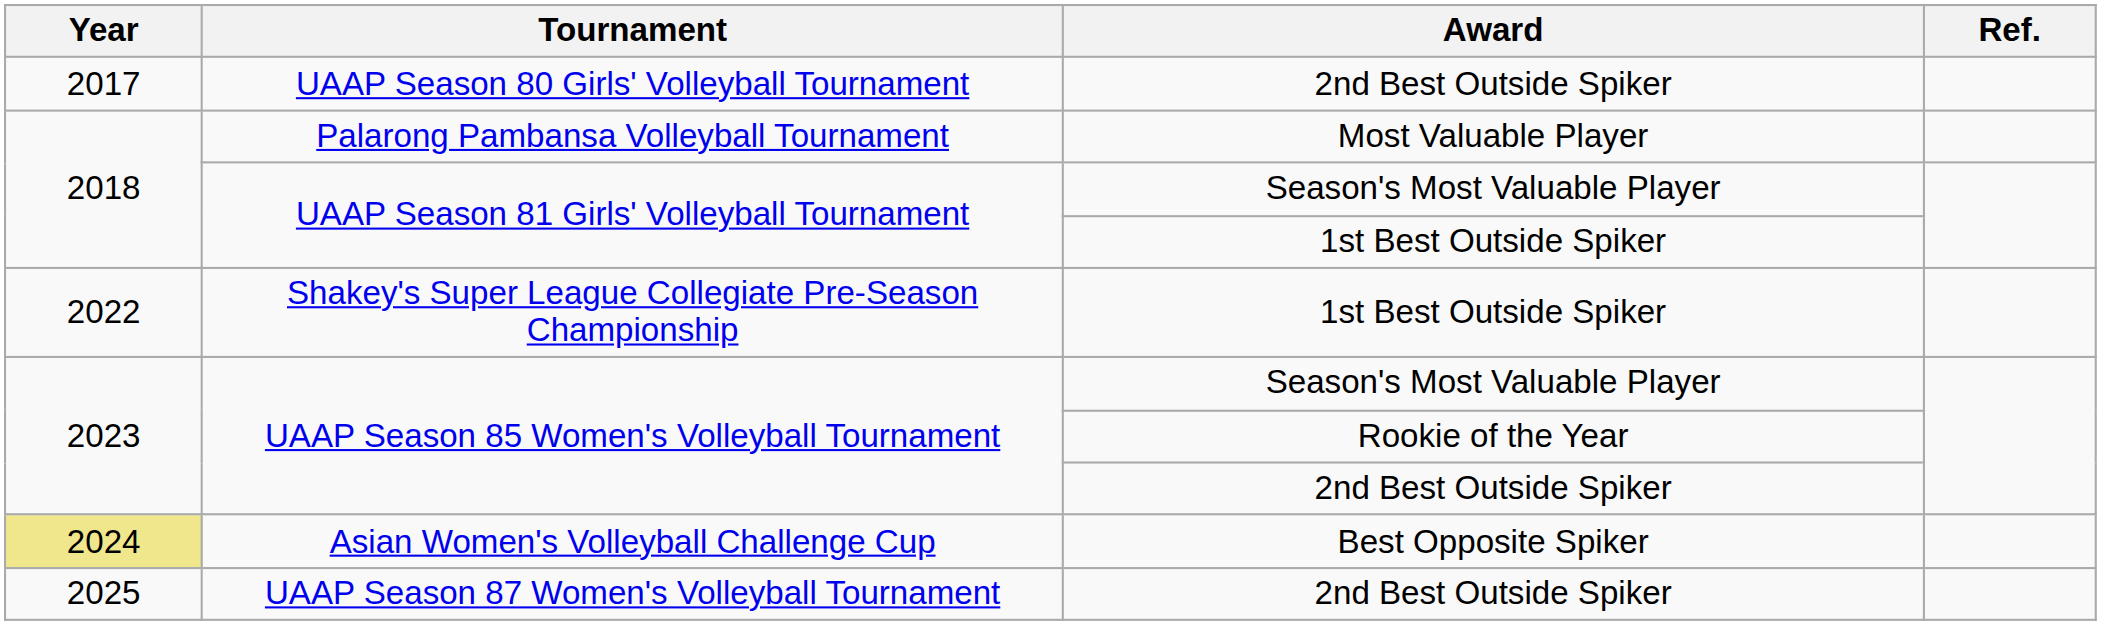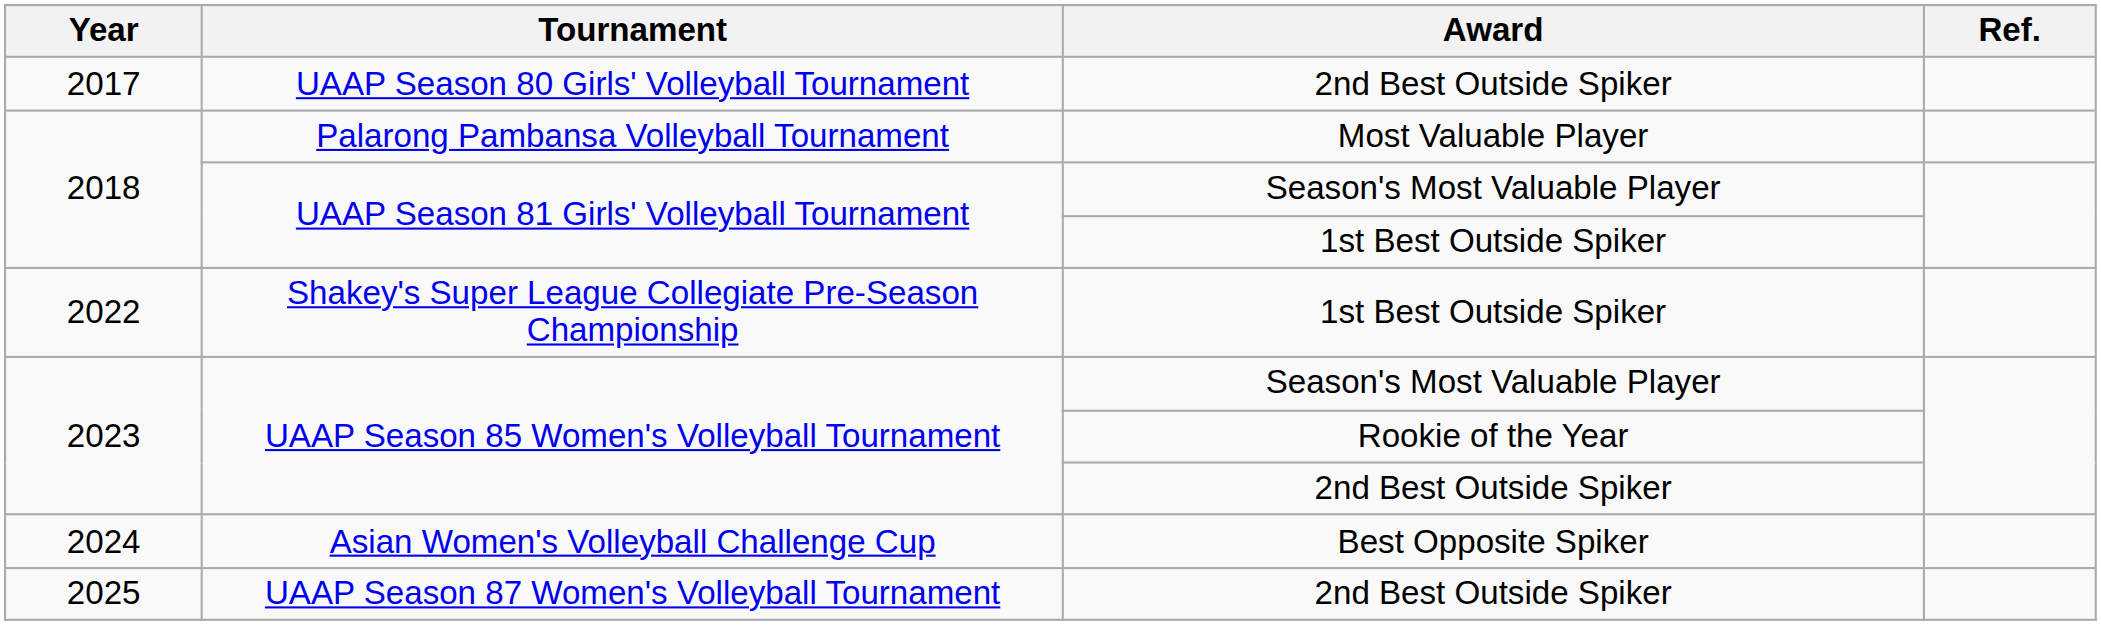 <table class="wikitable sortable" style="text-align:center" width="80%">
 <tr>
 <th style="width:25px;" rowspan="2">Year</th>
 <th style="width:180px;" rowspan="2">Tournament</th>
 <th style="width:180px;" rowspan="2">Award</th>
 <th style="width:25px;" rowspan="2">Ref.</th>
 </tr>
 <tr>
 </tr>
 <tr>
 <td>2017</td>
 <td><a href='#'>UAAP Season 80 Girls' Volleyball Tournament</a></td>
 <td>2nd Best Outside Spiker</td>
 <td></td>
 </tr>
 <tr>
 <td rowspan="3">2018</td>
 <td><a href='#'>Palarong Pambansa Volleyball Tournament</a></td>
 <td>Most Valuable Player</td>
 <td></td>
 </tr>
 <tr>
 <td rowspan="2"><a href='#'>UAAP Season 81 Girls' Volleyball Tournament</a></td>
 <td>Season's Most Valuable Player</td>
 <td rowspan="2"></td>
 </tr>
 <tr>
 <td>1st Best Outside Spiker</td>
 </tr>
 <tr>
 <td>2022</td>
 <td><a href='#'>Shakey's Super League Collegiate Pre-Season Championship</a></td>
 <td>1st Best Outside Spiker</td>
 <td></td>
 </tr>
 <tr>
 <td rowspan="3">2023</td>
 <td rowspan="3"><a href='#'>UAAP Season 85 Women's Volleyball Tournament</a></td>
 <td>Season's Most Valuable Player</td>
 <td rowspan="3"></td>
 </tr>
 <tr>
 <td>Rookie of the Year</td>
 </tr>
 <tr>
 <td>2nd Best Outside Spiker</td>
 </tr>
 <tr>
-<td style="background: khaki;">2024</td>
+<td>2024</td>
 <td><a href='#'>Asian Women's Volleyball Challenge Cup</a></td>
 <td>Best Opposite Spiker</td>
 <td></td>
 </tr>
 <tr>
 <td>2025</td>
 <td><a href='#'>UAAP Season 87 Women's Volleyball Tournament</a></td>
 <td>2nd Best Outside Spiker</td>
 <td></td>
 </tr>
 </table>
